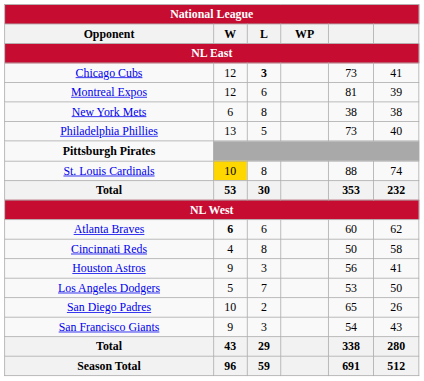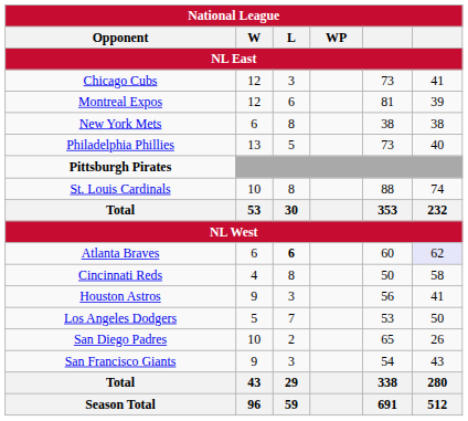 <table class="wikitable" style="font-size:95%; text-align:center; width:35em;margin:0.5em auto;">
 <tr>
 <th colspan="7" style="background:#c60c30; color:#ffffff;">National League</th>
 </tr>
 <tr>
 <th>Opponent</th>
 <th>W</th>
 <th>L</th>
 <th>WP</th>
 <th></th>
 <th></th>
 </tr>
 <tr>
 <th colspan="7" style="background:#c60c30; color:#ffffff;">NL East</th>
 </tr>
 <tr>
 <td><a href='#'>Chicago Cubs</a></td>
 <td>12</td>
-<td><strong>3</strong></td>
+<td>3</td>
 <td></td>
 <td>73</td>
 <td>41</td>
 </tr>
 <tr>
 <td><a href='#'>Montreal Expos</a></td>
 <td>12</td>
 <td>6</td>
 <td></td>
 <td>81</td>
 <td>39</td>
 </tr>
 <tr>
 <td><a href='#'>New York Mets</a></td>
 <td>6</td>
 <td>8</td>
 <td></td>
 <td>38</td>
 <td>38</td>
 </tr>
 <tr>
 <td><a href='#'>Philadelphia Phillies</a></td>
 <td>13</td>
 <td>5</td>
 <td></td>
 <td>73</td>
 <td>40</td>
 </tr>
 <tr>
 <td><strong>Pittsburgh Pirates</strong></td>
 <td colspan=5 style="background:darkgray;"></td>
 </tr>
 <tr>
 <td><a href='#'>St. Louis Cardinals</a></td>
-<td style="background: gold;">10</td>
+<td>10</td>
 <td>8</td>
 <td></td>
 <td>88</td>
 <td>74</td>
 </tr>
 <tr>
 <th>Total</th>
 <th>53</th>
 <th>30</th>
 <th></th>
 <th>353</th>
 <th>232</th>
 </tr>
 <tr>
 <th colspan="7" style="background:#c60c30; color:#ffffff;">NL West</th>
 </tr>
 <tr>
 <td><a href='#'>Atlanta Braves</a></td>
+<td>6</td>
 <td><strong>6</strong></td>
-<td>6</td>
 <td></td>
 <td>60</td>
-<td>62</td>
+<td style="background: lavender;">62</td>
 </tr>
 <tr>
 <td><a href='#'>Cincinnati Reds</a></td>
 <td>4</td>
 <td>8</td>
 <td></td>
 <td>50</td>
 <td>58</td>
 </tr>
 <tr>
 <td><a href='#'>Houston Astros</a></td>
 <td>9</td>
 <td>3</td>
 <td></td>
 <td>56</td>
 <td>41</td>
 </tr>
 <tr>
 <td><a href='#'>Los Angeles Dodgers</a></td>
 <td>5</td>
 <td>7</td>
 <td></td>
 <td>53</td>
 <td>50</td>
 </tr>
 <tr>
 <td><a href='#'>San Diego Padres</a></td>
 <td>10</td>
 <td>2</td>
 <td></td>
 <td>65</td>
 <td>26</td>
 </tr>
 <tr>
 <td><a href='#'>San Francisco Giants</a></td>
 <td>9</td>
 <td>3</td>
 <td></td>
 <td>54</td>
 <td>43</td>
 </tr>
 <tr>
 <th>Total</th>
 <th>43</th>
 <th>29</th>
 <th></th>
 <th>338</th>
 <th>280</th>
 </tr>
 <tr>
 <th>Season Total</th>
 <th>96</th>
 <th>59</th>
 <th></th>
 <th>691</th>
 <th>512</th>
 </tr>
 </table>
